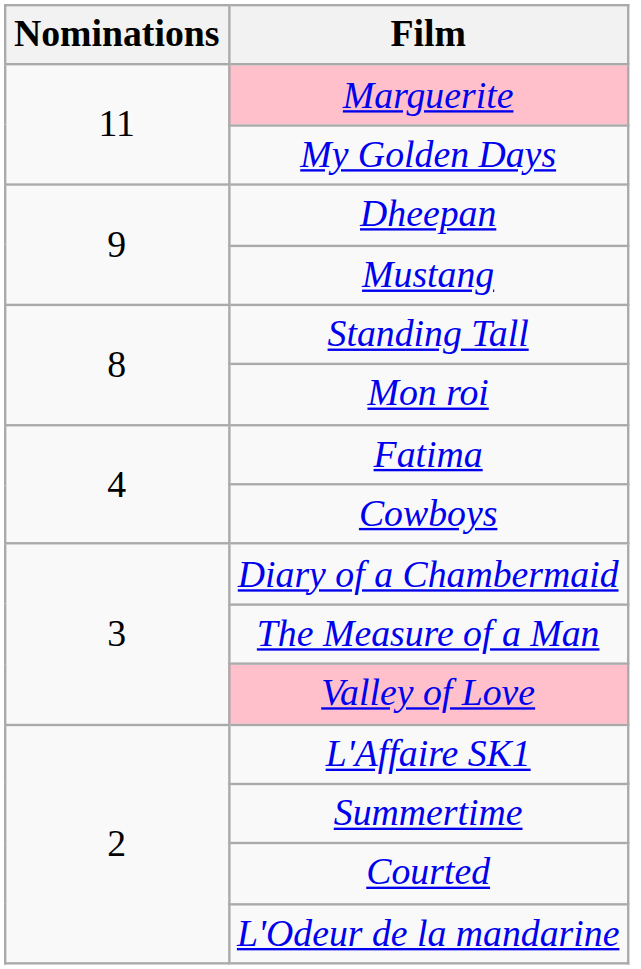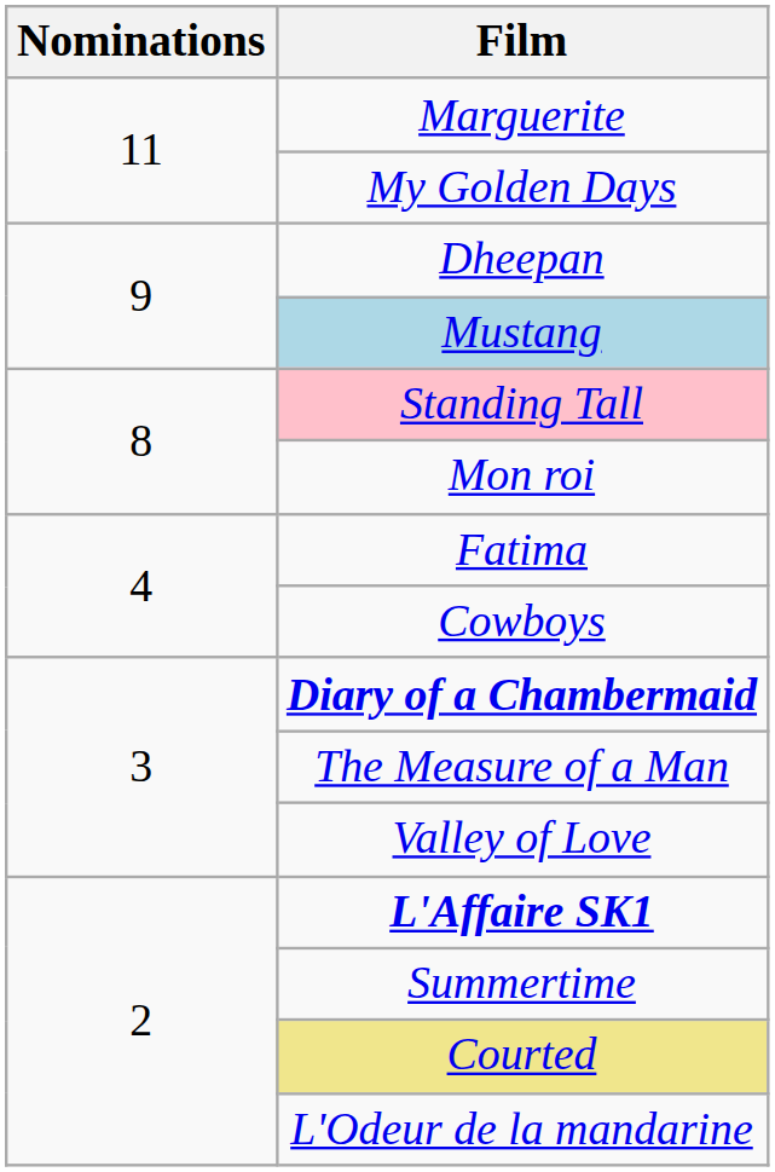 <table class="wikitable" style="text-align: center">
 <tr>
 <th scope="col" width="55">Nominations</th>
 <th scope="col" align="center">Film</th>
 </tr>
 <tr>
 <td rowspan=2 style="text-align:center">11</td>
-<td style="background: pink;"><em><a href='#'>Marguerite</a></em></td>
+<td><em><a href='#'>Marguerite</a></em></td>
 </tr>
 <tr>
 <td><em><a href='#'>My Golden Days</a></em></td>
 </tr>
 <tr>
 <td rowspan=2 style="text-align:center">9</td>
 <td><em><a href='#'>Dheepan</a></em></td>
 </tr>
 <tr>
-<td><em><a href='#'>Mustang</a></em></td>
+<td style="background: lightblue;"><em><a href='#'>Mustang</a></em></td>
 </tr>
 <tr>
 <td rowspan=2 style="text-align:center">8</td>
-<td><em><a href='#'>Standing Tall</a></em></td>
+<td style="background: pink;"><em><a href='#'>Standing Tall</a></em></td>
 </tr>
 <tr>
 <td><em><a href='#'>Mon roi</a></em></td>
 </tr>
 <tr>
 <td rowspan=2 style="text-align:center">4</td>
 <td><em><a href='#'>Fatima</a></em></td>
 </tr>
 <tr>
 <td><em><a href='#'>Cowboys</a></em></td>
 </tr>
 <tr>
 <td rowspan=3 style="text-align:center">3</td>
-<td><em><a href='#'>Diary of a Chambermaid</a></em></td>
+<td><strong><em><a href='#'>Diary of a Chambermaid</a></em></strong></td>
 </tr>
 <tr>
 <td><em><a href='#'>The Measure of a Man</a></em></td>
 </tr>
 <tr>
-<td style="background: pink;"><em><a href='#'>Valley of Love</a></em></td>
+<td><em><a href='#'>Valley of Love</a></em></td>
 </tr>
 <tr>
 <td rowspan=4 style="text-align:center">2</td>
-<td><em><a href='#'>L'Affaire SK1</a></em></td>
+<td><strong><em><a href='#'>L'Affaire SK1</a></em></strong></td>
 </tr>
 <tr>
 <td><em><a href='#'>Summertime</a></em></td>
 </tr>
 <tr>
-<td><em><a href='#'>Courted</a></em></td>
+<td style="background: khaki;"><em><a href='#'>Courted</a></em></td>
 </tr>
 <tr>
 <td><em><a href='#'>L'Odeur de la mandarine</a></em></td>
 </tr>
 </table>
